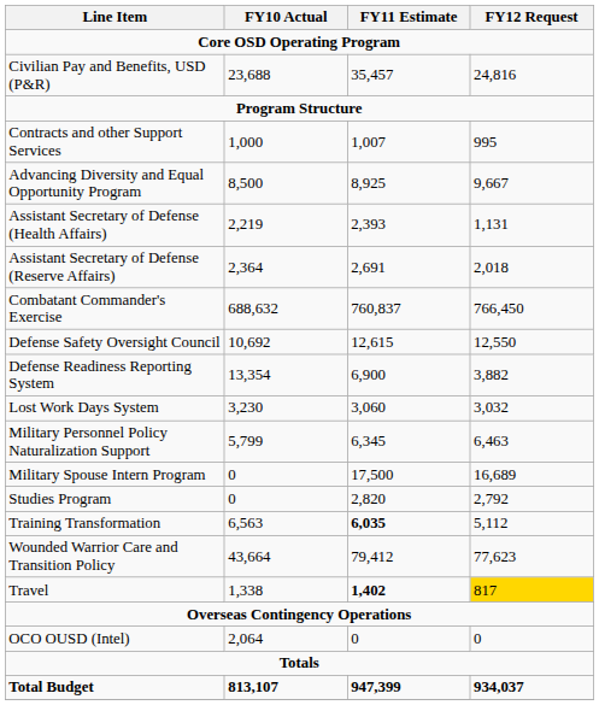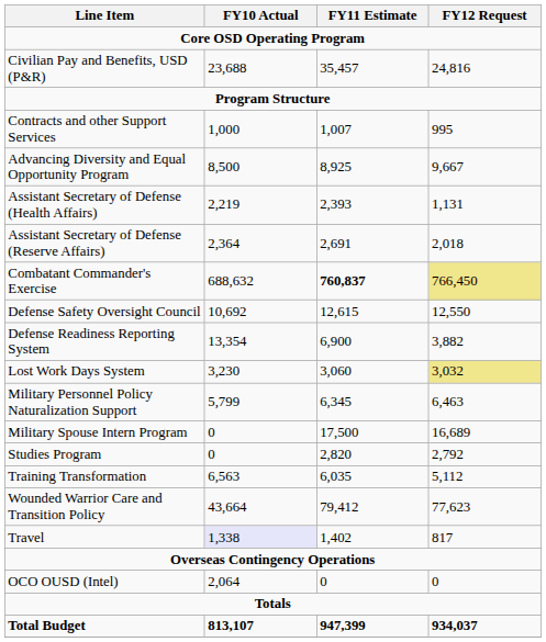 <table class="wikitable">
 <tr>
 <th scope="col" width="220">Line Item</th>
 <th scope="col" width="120">FY10 Actual</th>
 <th scope ="col" width="120">FY11 Estimate</th>
 <th scope="col" width="120">FY12 Request</th>
 </tr>
 <tr>
 <td colspan="4" align="center"><strong>Core OSD Operating Program</strong></td>
 </tr>
 <tr>
 <td>Civilian Pay and Benefits, USD (P&R)</td>
 <td>23,688</td>
 <td>35,457</td>
 <td>24,816</td>
 </tr>
 <tr>
 <td colspan="4" align="center"><strong>Program Structure</strong></td>
 </tr>
 <tr>
 <td>Contracts and other Support Services</td>
 <td>1,000</td>
 <td>1,007</td>
 <td>995</td>
 </tr>
 <tr>
 <td>Advancing Diversity and Equal Opportunity Program</td>
 <td>8,500</td>
 <td>8,925</td>
 <td>9,667</td>
 </tr>
 <tr>
 <td>Assistant Secretary of Defense (Health Affairs)</td>
 <td>2,219</td>
 <td>2,393</td>
 <td>1,131</td>
 </tr>
 <tr>
 <td>Assistant Secretary of Defense (Reserve Affairs)</td>
 <td>2,364</td>
 <td>2,691</td>
 <td>2,018</td>
 </tr>
 <tr>
 <td>Combatant Commander's Exercise</td>
 <td>688,632</td>
-<td>760,837</td>
-<td>766,450</td>
+<td><strong>760,837</strong></td>
+<td style="background: khaki;">766,450</td>
 </tr>
 <tr>
 <td>Defense Safety Oversight Council</td>
 <td>10,692</td>
 <td>12,615</td>
 <td>12,550</td>
 </tr>
 <tr>
 <td>Defense Readiness Reporting System</td>
 <td>13,354</td>
 <td>6,900</td>
 <td>3,882</td>
 </tr>
 <tr>
 <td>Lost Work Days System</td>
 <td>3,230</td>
 <td>3,060</td>
-<td>3,032</td>
+<td style="background: khaki;">3,032</td>
 </tr>
 <tr>
 <td>Military Personnel Policy Naturalization Support</td>
 <td>5,799</td>
 <td>6,345</td>
 <td>6,463</td>
 </tr>
 <tr>
 <td>Military Spouse Intern Program</td>
 <td>0</td>
 <td>17,500</td>
 <td>16,689</td>
 </tr>
 <tr>
 <td>Studies Program</td>
 <td>0</td>
 <td>2,820</td>
 <td>2,792</td>
 </tr>
 <tr>
 <td>Training Transformation</td>
 <td>6,563</td>
-<td><strong>6,035</strong></td>
+<td>6,035</td>
 <td>5,112</td>
 </tr>
 <tr>
 <td>Wounded Warrior Care and Transition Policy</td>
 <td>43,664</td>
 <td>79,412</td>
 <td>77,623</td>
 </tr>
 <tr>
 <td>Travel</td>
-<td>1,338</td>
-<td><strong>1,402</strong></td>
-<td style="background: gold;">817</td>
+<td style="background: lavender;">1,338</td>
+<td>1,402</td>
+<td>817</td>
 </tr>
 <tr>
 <td colspan="4" align="center"><strong>Overseas Contingency Operations</strong></td>
 </tr>
 <tr>
 <td>OCO OUSD (Intel)</td>
 <td>2,064</td>
 <td>0</td>
 <td>0</td>
 </tr>
 <tr>
 <td colspan="4" align="center"><strong>Totals</strong></td>
 </tr>
 <tr>
 <td><strong>Total Budget</strong></td>
 <td><strong>813,107</strong></td>
 <td><strong>947,399</strong></td>
 <td><strong>934,037</strong></td>
 </tr>
 <tr>
 </tr>
 </table>
